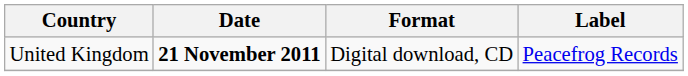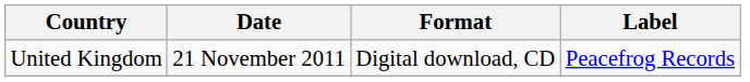 <table class="wikitable">
 <tr>
 <th>Country</th>
 <th>Date</th>
 <th>Format</th>
 <th>Label</th>
 </tr>
 <tr>
 <td>United Kingdom</td>
-<td><strong>21 November 2011</strong></td>
+<td>21 November 2011</td>
 <td>Digital download, CD</td>
 <td><a href='#'>Peacefrog Records</a></td>
 </tr>
 <tr>
 </tr>
 </table>
